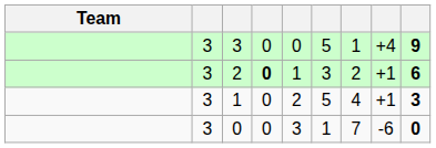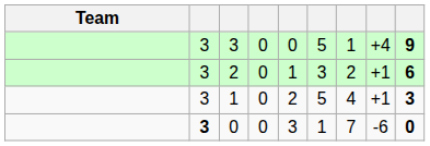 <table class="wikitable" style="text-align: center;">
 <tr>
 <th width="165">Team</th>
 <th width="20"></th>
 <th width="20"></th>
 <th width="20"></th>
 <th width="20"></th>
 <th width="20"></th>
 <th width="20"></th>
 <th width="20"></th>
 <th width="20"></th>
 </tr>
 <tr bgcolor=ccffcc>
 <td style="text-align:left;"></td>
 <td>3</td>
 <td>3</td>
 <td>0</td>
 <td>0</td>
 <td>5</td>
 <td>1</td>
 <td>+4</td>
 <td><strong>9</strong></td>
 </tr>
 <tr bgcolor=ccffcc>
 <td style="text-align:left;"></td>
 <td>3</td>
 <td>2</td>
-<td><strong>0</strong></td>
+<td>0</td>
 <td>1</td>
 <td>3</td>
 <td>2</td>
 <td>+1</td>
 <td><strong>6</strong></td>
 </tr>
 <tr>
 <td style="text-align:left;"></td>
 <td>3</td>
 <td>1</td>
 <td>0</td>
 <td>2</td>
 <td>5</td>
 <td>4</td>
 <td>+1</td>
 <td><strong>3</strong></td>
 </tr>
 <tr>
 <td style="text-align:left;"></td>
-<td>3</td>
+<td><strong>3</strong></td>
 <td>0</td>
 <td>0</td>
 <td>3</td>
 <td>1</td>
 <td>7</td>
 <td>-6</td>
 <td><strong>0</strong></td>
 </tr>
 </table>
